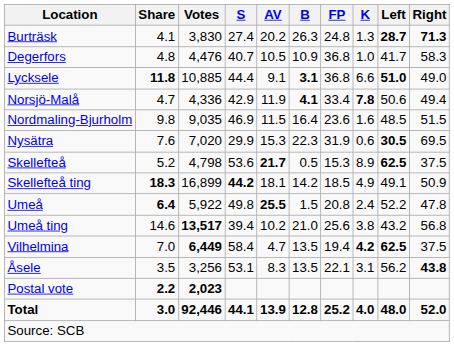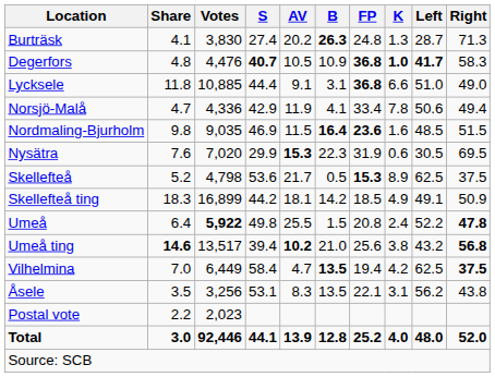 <table class="wikitable sortable" style=text-align:right>
 <tr>
 <th>Location</th>
 <th>Share</th>
 <th>Votes</th>
 <th><a href='#'>S</a></th>
 <th><a href='#'>AV</a></th>
 <th><a href='#'>B</a></th>
 <th><a href='#'>FP</a></th>
 <th><a href='#'>K</a></th>
 <th>Left</th>
 <th>Right</th>
 </tr>
 <tr>
 <td align=left><a href='#'>Burträsk</a></td>
 <td>4.1</td>
 <td>3,830</td>
 <td>27.4</td>
 <td>20.2</td>
-<td>26.3</td>
+<td><strong>26.3</strong></td>
 <td>24.8</td>
 <td>1.3</td>
-<td><strong>28.7</strong></td>
-<td><strong>71.3</strong></td>
+<td>28.7</td>
+<td>71.3</td>
 </tr>
 <tr>
 <td align=left><a href='#'>Degerfors</a></td>
 <td>4.8</td>
 <td>4,476</td>
-<td>40.7</td>
+<td><strong>40.7</strong></td>
 <td>10.5</td>
 <td>10.9</td>
-<td>36.8</td>
-<td>1.0</td>
-<td>41.7</td>
+<td><strong>36.8</strong></td>
+<td><strong>1.0</strong></td>
+<td><strong>41.7</strong></td>
 <td>58.3</td>
 </tr>
 <tr>
 <td align=left><a href='#'>Lycksele</a></td>
-<td><strong>11.8</strong></td>
+<td>11.8</td>
 <td>10,885</td>
 <td>44.4</td>
 <td>9.1</td>
-<td><strong>3.1</strong></td>
-<td>36.8</td>
+<td>3.1</td>
+<td><strong>36.8</strong></td>
 <td>6.6</td>
-<td><strong>51.0</strong></td>
+<td>51.0</td>
 <td>49.0</td>
 </tr>
 <tr>
 <td align=left><a href='#'>Norsjö-Malå</a></td>
 <td>4.7</td>
 <td>4,336</td>
 <td>42.9</td>
 <td>11.9</td>
-<td><strong>4.1</strong></td>
+<td>4.1</td>
 <td>33.4</td>
-<td><strong>7.8</strong></td>
+<td>7.8</td>
 <td>50.6</td>
 <td>49.4</td>
 </tr>
 <tr>
 <td align=left><a href='#'>Nordmaling-Bjurholm</a></td>
 <td>9.8</td>
 <td>9,035</td>
 <td>46.9</td>
 <td>11.5</td>
-<td>16.4</td>
-<td>23.6</td>
+<td><strong>16.4</strong></td>
+<td><strong>23.6</strong></td>
 <td>1.6</td>
 <td>48.5</td>
 <td>51.5</td>
 </tr>
 <tr>
 <td align=left><a href='#'>Nysätra</a></td>
 <td>7.6</td>
 <td>7,020</td>
 <td>29.9</td>
-<td>15.3</td>
+<td><strong>15.3</strong></td>
 <td>22.3</td>
 <td>31.9</td>
 <td>0.6</td>
-<td><strong>30.5</strong></td>
+<td>30.5</td>
 <td>69.5</td>
 </tr>
 <tr>
 <td align=left><a href='#'>Skellefteå</a></td>
 <td>5.2</td>
 <td>4,798</td>
 <td>53.6</td>
-<td><strong>21.7</strong></td>
+<td>21.7</td>
 <td>0.5</td>
-<td>15.3</td>
+<td><strong>15.3</strong></td>
 <td>8.9</td>
-<td><strong>62.5</strong></td>
+<td>62.5</td>
 <td>37.5</td>
 </tr>
 <tr>
 <td align=left><a href='#'>Skellefteå ting</a></td>
-<td><strong>18.3</strong></td>
+<td>18.3</td>
 <td>16,899</td>
-<td><strong>44.2</strong></td>
+<td>44.2</td>
 <td>18.1</td>
 <td>14.2</td>
 <td>18.5</td>
 <td>4.9</td>
 <td>49.1</td>
 <td>50.9</td>
 </tr>
 <tr>
 <td align=left><a href='#'>Umeå</a></td>
-<td><strong>6.4</strong></td>
-<td>5,922</td>
+<td>6.4</td>
+<td><strong>5,922</strong></td>
 <td>49.8</td>
-<td><strong>25.5</strong></td>
+<td>25.5</td>
 <td>1.5</td>
 <td>20.8</td>
 <td>2.4</td>
 <td>52.2</td>
-<td>47.8</td>
+<td><strong>47.8</strong></td>
 </tr>
 <tr>
 <td align=left><a href='#'>Umeå ting</a></td>
-<td>14.6</td>
-<td><strong>13,517</strong></td>
+<td><strong>14.6</strong></td>
+<td>13,517</td>
 <td>39.4</td>
-<td>10.2</td>
+<td><strong>10.2</strong></td>
 <td>21.0</td>
 <td>25.6</td>
 <td>3.8</td>
 <td>43.2</td>
-<td>56.8</td>
+<td><strong>56.8</strong></td>
 </tr>
 <tr>
 <td align=left><a href='#'>Vilhelmina</a></td>
 <td>7.0</td>
-<td><strong>6,449</strong></td>
+<td>6,449</td>
 <td>58.4</td>
 <td>4.7</td>
-<td>13.5</td>
+<td><strong>13.5</strong></td>
 <td>19.4</td>
-<td><strong>4.2</strong></td>
-<td><strong>62.5</strong></td>
-<td>37.5</td>
+<td>4.2</td>
+<td>62.5</td>
+<td><strong>37.5</strong></td>
 </tr>
 <tr>
 <td align=left><a href='#'>Åsele</a></td>
 <td>3.5</td>
 <td>3,256</td>
 <td>53.1</td>
 <td>8.3</td>
 <td>13.5</td>
 <td>22.1</td>
 <td>3.1</td>
 <td>56.2</td>
-<td><strong>43.8</strong></td>
+<td>43.8</td>
 </tr>
 <tr>
 <td align=left><a href='#'>Postal vote</a></td>
-<td><strong>2.2</strong></td>
-<td><strong>2,023</strong></td>
+<td>2.2</td>
+<td>2,023</td>
 <td></td>
 <td></td>
 <td></td>
 <td></td>
 <td></td>
 <td></td>
 <td></td>
 </tr>
 <tr>
 <td align=left><strong>Total</strong></td>
 <td><strong>3.0</strong></td>
 <td><strong>92,446</strong></td>
 <td><strong>44.1</strong></td>
 <td><strong>13.9</strong></td>
 <td><strong>12.8</strong></td>
 <td><strong>25.2</strong></td>
 <td><strong>4.0</strong></td>
 <td><strong>48.0</strong></td>
 <td><strong>52.0</strong></td>
 </tr>
 <tr>
 <td align=left colspan=10>Source: SCB </td>
 </tr>
 </table>
